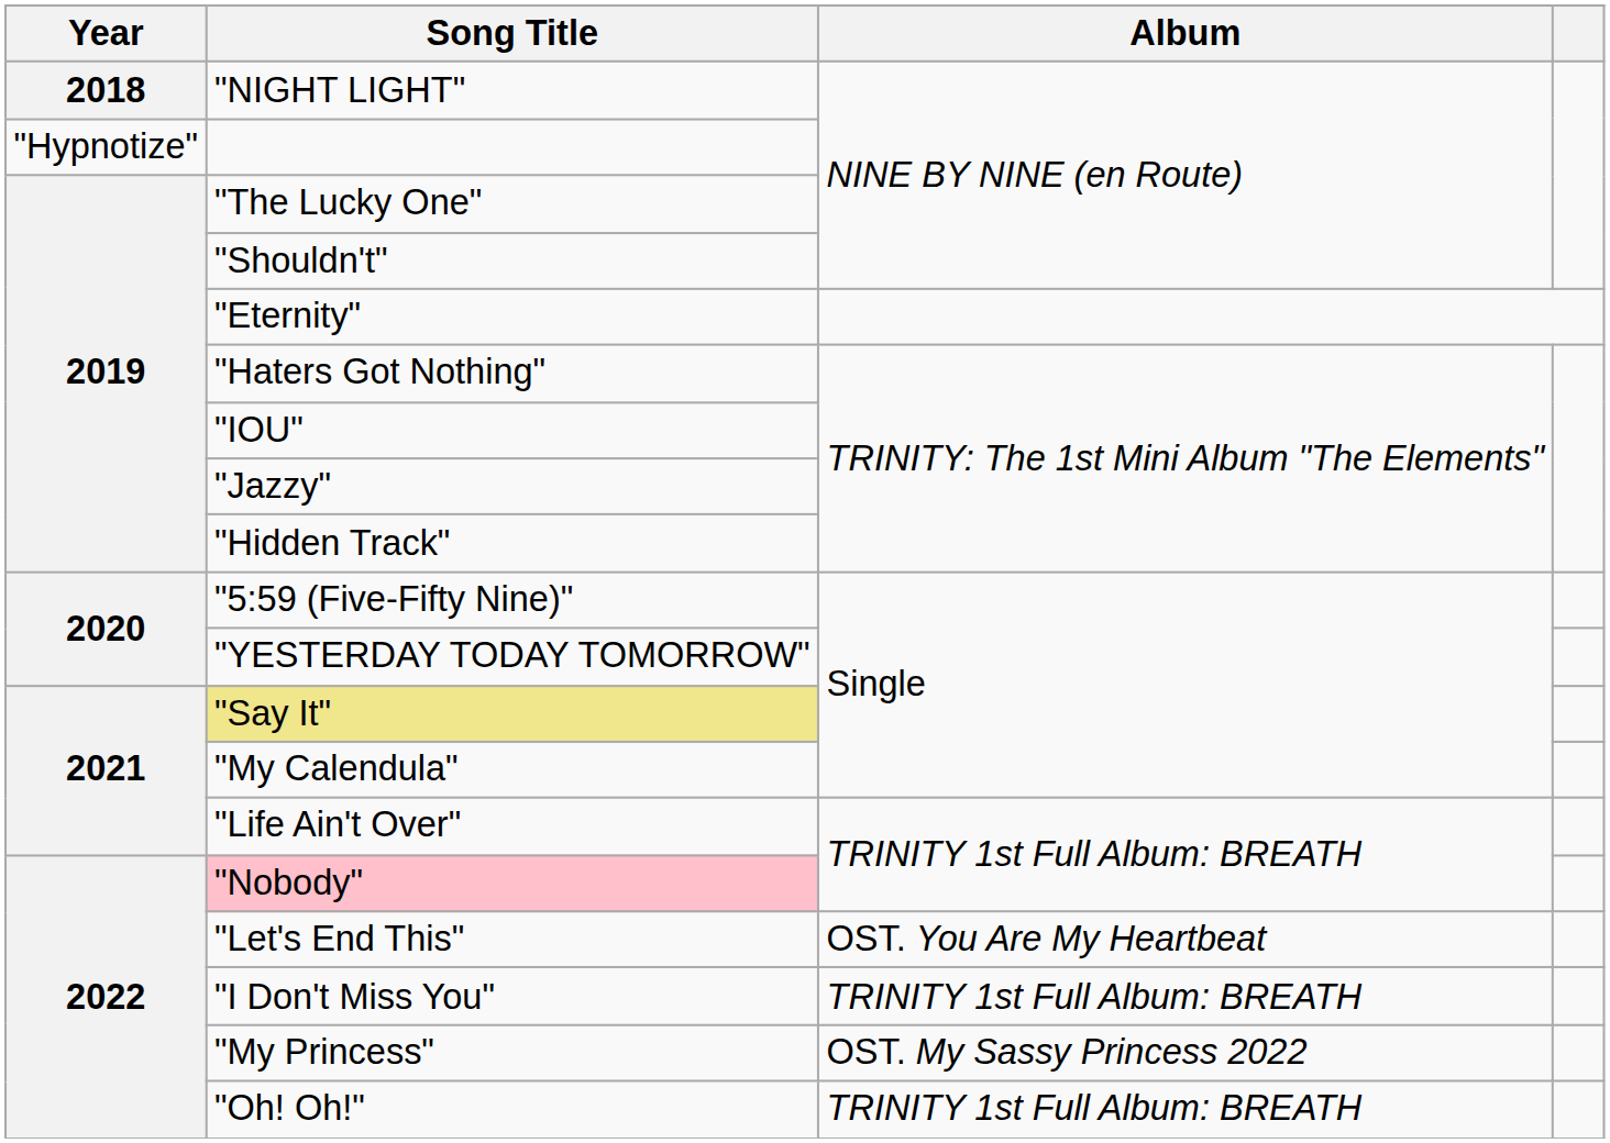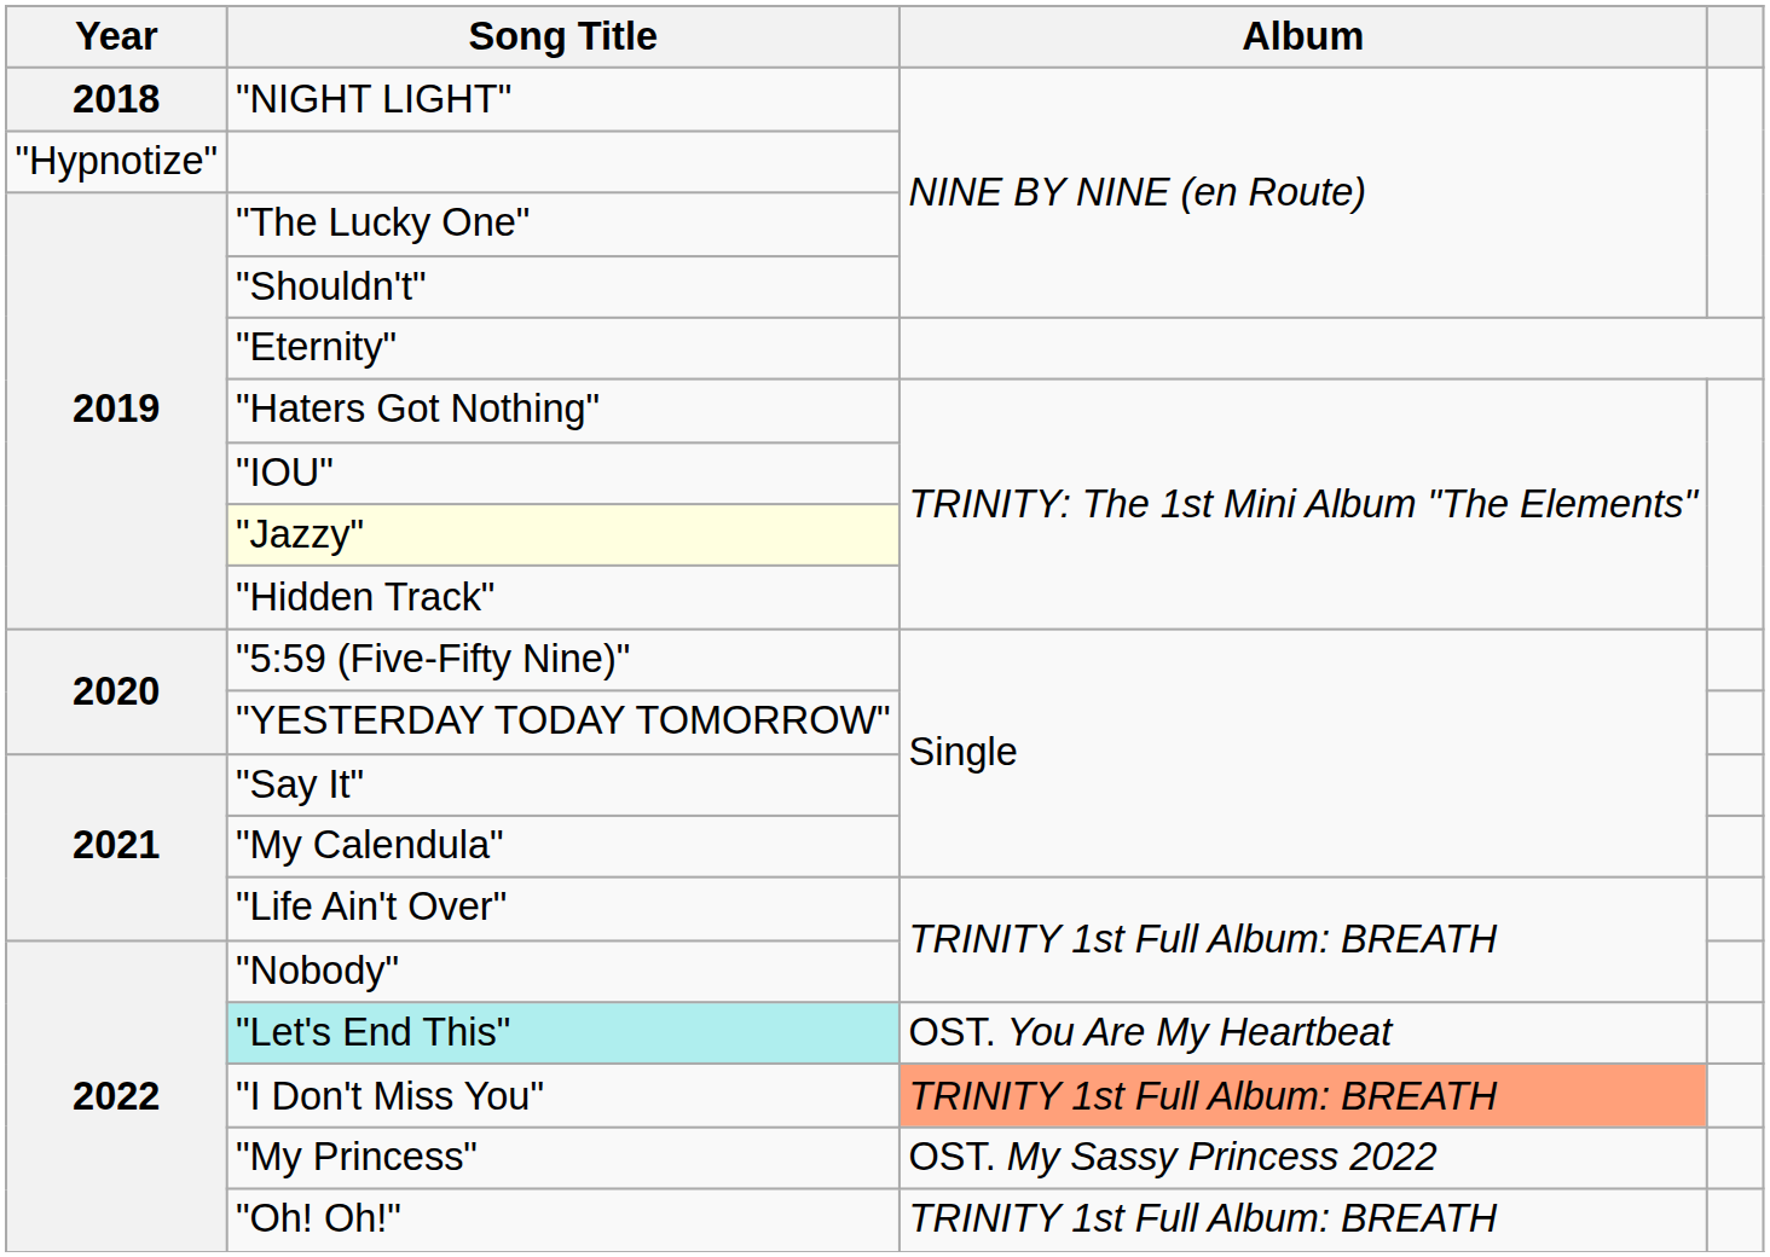 <table class="wikitable sortable plainrowheaders">
 <tr>
 <th scope="col">Year</th>
 <th scope="col">Song Title</th>
 <th scope="col" class="unsortable">Album</th>
 <th scope="col" style="width:1em;"class="unsortable"></th>
 </tr>
 <tr>
 <th scope="row" rowspan="2">2018</th>
 <td>"NIGHT LIGHT"</td>
 <td rowspan="5"><em>NINE BY NINE (en Route)</em></td>
 <td style="text-align: center;" rowspan="5"></td>
 </tr>
 <tr>
 </tr>
 <tr>
 <td>"Hypnotize"</td>
 </tr>
 <tr>
 <th scope="row" rowspan="7">2019</th>
 <td>"The Lucky One"</td>
 </tr>
 <tr>
 <td>"Shouldn't"</td>
 </tr>
 <tr>
 <td>"Eternity"</td>
 </tr>
 <tr>
 <td>"Haters Got Nothing"</td>
 <td rowspan="4"><em>TRINITY: The 1st Mini Album "The Elements"</em></td>
 <td style="text-align: center;" rowspan="4"></td>
 </tr>
 <tr>
 <td>"IOU"</td>
 </tr>
 <tr>
-<td>"Jazzy"</td>
+<td style="background: lightyellow;">"Jazzy"</td>
 </tr>
 <tr>
 <td>"Hidden Track"</td>
 </tr>
 <tr>
 <th scope="row" rowspan="2">2020</th>
 <td>"5:59 (Five-Fifty Nine)"</td>
 <td rowspan="4">Single</td>
 <td style="text-align: center;"></td>
 </tr>
 <tr>
 <td>"YESTERDAY TODAY TOMORROW"<br></td>
 <td style="text-align: center;"></td>
 </tr>
 <tr>
 <th scope="row" rowspan="3">2021</th>
-<td style="background: khaki;">"Say It" <br></td>
+<td>"Say It" <br></td>
 <td style="text-align: center;"></td>
 </tr>
 <tr>
 <td>"My Calendula" <br></td>
 <td style="text-align: center;"></td>
 </tr>
 <tr>
 <td>"Life Ain't Over"</td>
 <td rowspan="2"><em>TRINITY 1st Full Album: BREATH</em></td>
 <td style="text-align: center;"></td>
 </tr>
 <tr>
 <th scope="row"; rowspan="5">2022</th>
-<td style="background: pink;">"Nobody"</td>
+<td>"Nobody"</td>
 <td style="text-align: center;"></td>
 </tr>
 <tr>
-<td>"Let's End This"</td>
+<td style="background: paleturquoise;">"Let's End This"</td>
 <td>OST. <em>You Are My Heartbeat</em></td>
 <td style="text-align: center;"></td>
 </tr>
 <tr>
 <td>"I Don't Miss You"</td>
-<td><em>TRINITY 1st Full Album: BREATH</em></td>
+<td style="background: lightsalmon;"><em>TRINITY 1st Full Album: BREATH</em></td>
 <td style="text-align: center;"></td>
 </tr>
 <tr>
 <td>"My Princess"</td>
 <td>OST. <em>My Sassy Princess 2022</em></td>
 <td style="text-align: center;"></td>
 </tr>
 <tr>
 <td>"Oh! Oh!"</td>
 <td><em>TRINITY 1st Full Album: BREATH</em></td>
 <td style="text-align: center;"></td>
 </tr>
 <tr>
 </tr>
 </table>
